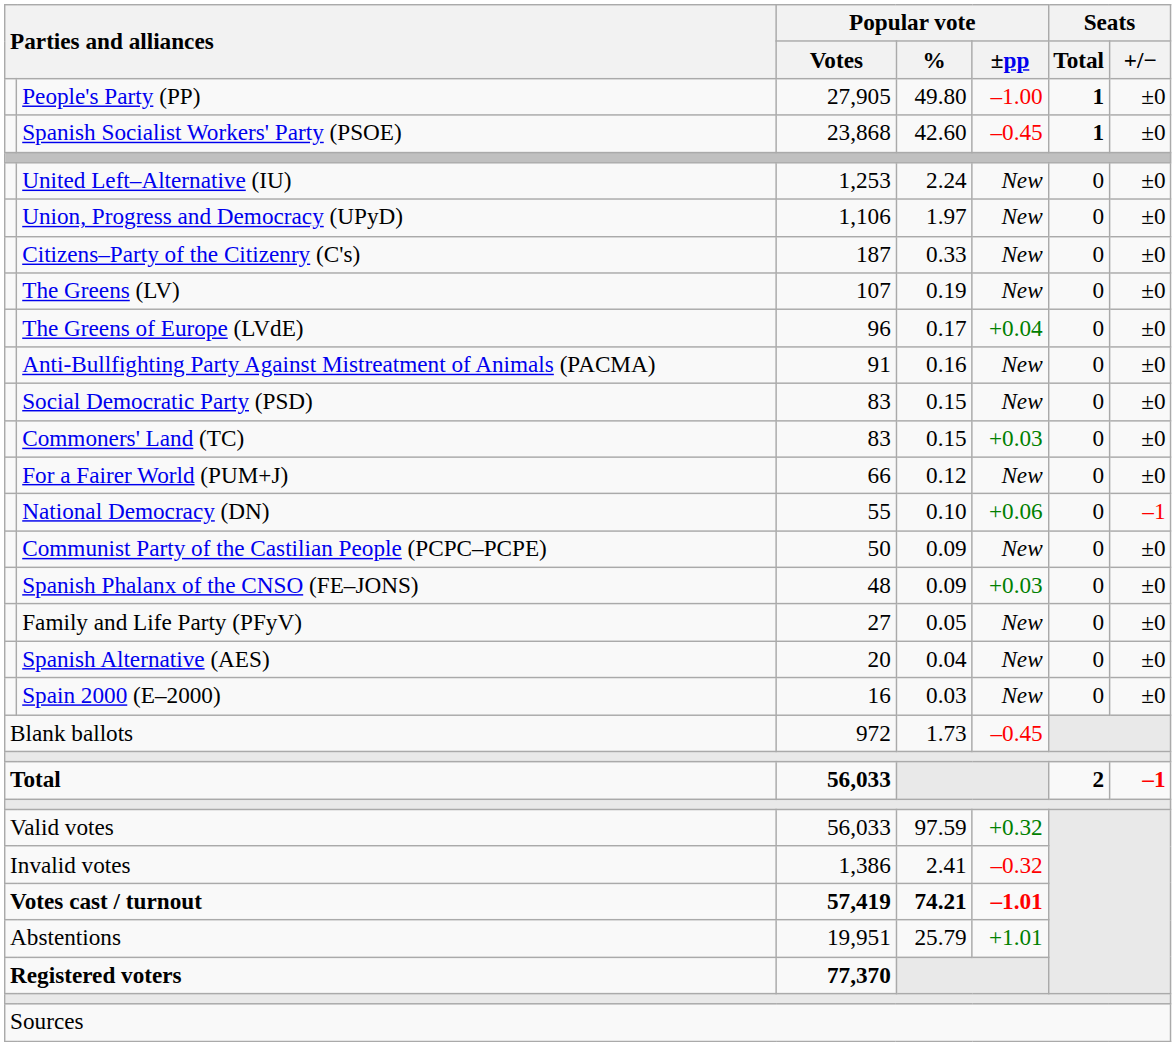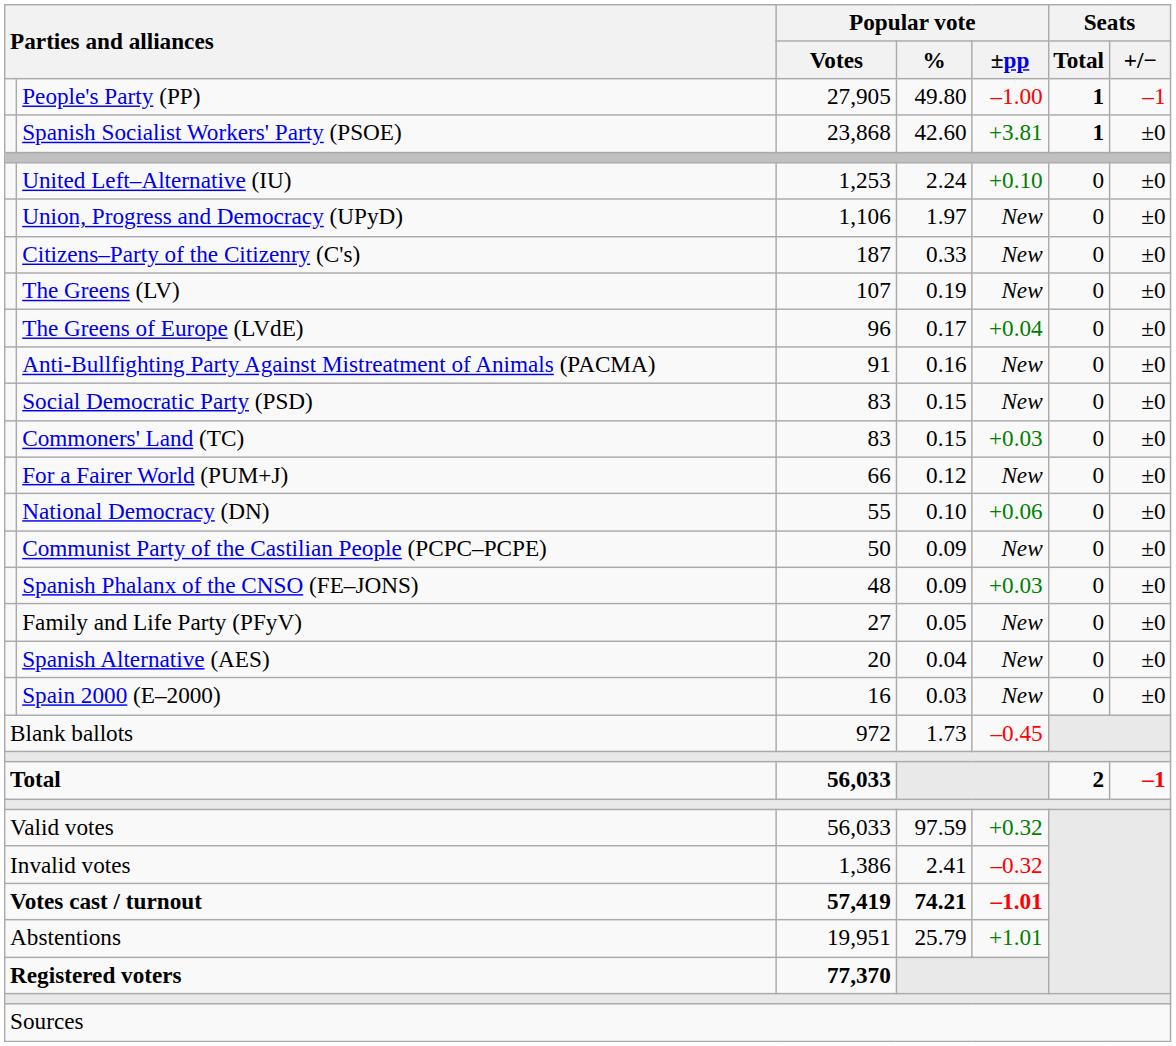 <table class="wikitable" style="text-align:right;">
 <tr>
 <th style="text-align:left;" rowspan="2" colspan="2" width="525">Parties and alliances</th>
 <th colspan="3">Popular vote</th>
 <th colspan="2">Seats</th>
 </tr>
 <tr>
 <th width="75">Votes</th>
 <th width="45">%</th>
 <th width="45">±<a href='#'>pp</a></th>
 <th width="35">Total</th>
 <th width="35">+/−</th>
 </tr>
 <tr>
 <td width="1" style="color:inherit;background:"></td>
 <td align="left"><a href='#'>People's Party</a> (PP)</td>
 <td>27,905</td>
 <td>49.80</td>
 <td style="color:red;">–1.00</td>
 <td><strong>1</strong></td>
-<td>±0</td>
+<td style="color:red;">–1</td>
 </tr>
 <tr>
 <td style="color:inherit;background:"></td>
 <td align="left"><a href='#'>Spanish Socialist Workers' Party</a> (PSOE)</td>
 <td>23,868</td>
 <td>42.60</td>
-<td style="color:red;">–0.45</td>
+<td style="color:green;">+3.81</td>
 <td><strong>1</strong></td>
 <td>±0</td>
 </tr>
 <tr>
 <td colspan="7" bgcolor="#C0C0C0"></td>
 </tr>
 <tr>
 <td style="color:inherit;background:"></td>
 <td align="left"><a href='#'>United Left–Alternative</a> (IU)</td>
 <td>1,253</td>
 <td>2.24</td>
-<td><em>New</em></td>
+<td style="color:green;">+0.10</td>
 <td>0</td>
 <td>±0</td>
 </tr>
 <tr>
 <td style="color:inherit;background:"></td>
 <td align="left"><a href='#'>Union, Progress and Democracy</a> (UPyD)</td>
 <td>1,106</td>
 <td>1.97</td>
 <td><em>New</em></td>
 <td>0</td>
 <td>±0</td>
 </tr>
 <tr>
 <td style="color:inherit;background:"></td>
 <td align="left"><a href='#'>Citizens–Party of the Citizenry</a> (C's)</td>
 <td>187</td>
 <td>0.33</td>
 <td><em>New</em></td>
 <td>0</td>
 <td>±0</td>
 </tr>
 <tr>
 <td style="color:inherit;background:"></td>
 <td align="left"><a href='#'>The Greens</a> (LV)</td>
 <td>107</td>
 <td>0.19</td>
 <td><em>New</em></td>
 <td>0</td>
 <td>±0</td>
 </tr>
 <tr>
 <td style="color:inherit;background:"></td>
 <td align="left"><a href='#'>The Greens of Europe</a> (LVdE)</td>
 <td>96</td>
 <td>0.17</td>
 <td style="color:green;">+0.04</td>
 <td>0</td>
 <td>±0</td>
 </tr>
 <tr>
 <td style="color:inherit;background:"></td>
 <td align="left"><a href='#'>Anti-Bullfighting Party Against Mistreatment of Animals</a> (PACMA)</td>
 <td>91</td>
 <td>0.16</td>
 <td><em>New</em></td>
 <td>0</td>
 <td>±0</td>
 </tr>
 <tr>
 <td style="color:inherit;background:"></td>
 <td align="left"><a href='#'>Social Democratic Party</a> (PSD)</td>
 <td>83</td>
 <td>0.15</td>
 <td><em>New</em></td>
 <td>0</td>
 <td>±0</td>
 </tr>
 <tr>
 <td style="color:inherit;background:"></td>
 <td align="left"><a href='#'>Commoners' Land</a> (TC)</td>
 <td>83</td>
 <td>0.15</td>
 <td style="color:green;">+0.03</td>
 <td>0</td>
 <td>±0</td>
 </tr>
 <tr>
 <td style="color:inherit;background:"></td>
 <td align="left"><a href='#'>For a Fairer World</a> (PUM+J)</td>
 <td>66</td>
 <td>0.12</td>
 <td><em>New</em></td>
 <td>0</td>
 <td>±0</td>
 </tr>
 <tr>
 <td style="color:inherit;background:"></td>
 <td align="left"><a href='#'>National Democracy</a> (DN)</td>
 <td>55</td>
 <td>0.10</td>
 <td style="color:green;">+0.06</td>
 <td>0</td>
-<td style="color:red;">–1</td>
+<td>±0</td>
 </tr>
 <tr>
 <td style="color:inherit;background:"></td>
 <td align="left"><a href='#'>Communist Party of the Castilian People</a> (PCPC–PCPE)</td>
 <td>50</td>
 <td>0.09</td>
 <td><em>New</em></td>
 <td>0</td>
 <td>±0</td>
 </tr>
 <tr>
 <td style="color:inherit;background:"></td>
 <td align="left"><a href='#'>Spanish Phalanx of the CNSO</a> (FE–JONS)</td>
 <td>48</td>
 <td>0.09</td>
 <td style="color:green;">+0.03</td>
 <td>0</td>
 <td>±0</td>
 </tr>
 <tr>
 <td style="color:inherit;background:"></td>
 <td align="left">Family and Life Party (PFyV)</td>
 <td>27</td>
 <td>0.05</td>
 <td><em>New</em></td>
 <td>0</td>
 <td>±0</td>
 </tr>
 <tr>
 <td style="color:inherit;background:"></td>
 <td align="left"><a href='#'>Spanish Alternative</a> (AES)</td>
 <td>20</td>
 <td>0.04</td>
 <td><em>New</em></td>
 <td>0</td>
 <td>±0</td>
 </tr>
 <tr>
 <td style="color:inherit;background:"></td>
 <td align="left"><a href='#'>Spain 2000</a> (E–2000)</td>
 <td>16</td>
 <td>0.03</td>
 <td><em>New</em></td>
 <td>0</td>
 <td>±0</td>
 </tr>
 <tr>
 <td align="left" colspan="2">Blank ballots</td>
 <td>972</td>
 <td>1.73</td>
 <td style="color:red;">–0.45</td>
 <td bgcolor="#E9E9E9" colspan="2"></td>
 </tr>
 <tr>
 <td colspan="7" bgcolor="#E9E9E9"></td>
 </tr>
 <tr style="font-weight:bold;">
 <td align="left" colspan="2">Total</td>
 <td>56,033</td>
 <td bgcolor="#E9E9E9" colspan="2"></td>
 <td>2</td>
 <td style="color:red;">–1</td>
 </tr>
 <tr>
 <td colspan="7" bgcolor="#E9E9E9"></td>
 </tr>
 <tr>
 <td align="left" colspan="2">Valid votes</td>
 <td>56,033</td>
 <td>97.59</td>
 <td style="color:green;">+0.32</td>
 <td bgcolor="#E9E9E9" colspan="2" rowspan="5"></td>
 </tr>
 <tr>
 <td align="left" colspan="2">Invalid votes</td>
 <td>1,386</td>
 <td>2.41</td>
 <td style="color:red;">–0.32</td>
 </tr>
 <tr style="font-weight:bold;">
 <td align="left" colspan="2">Votes cast / turnout</td>
 <td>57,419</td>
 <td>74.21</td>
 <td style="color:red;">–1.01</td>
 </tr>
 <tr>
 <td align="left" colspan="2">Abstentions</td>
 <td>19,951</td>
 <td>25.79</td>
 <td style="color:green;">+1.01</td>
 </tr>
 <tr style="font-weight:bold;">
 <td align="left" colspan="2">Registered voters</td>
 <td>77,370</td>
 <td bgcolor="#E9E9E9" colspan="2"></td>
 </tr>
 <tr>
 <td colspan="7" bgcolor="#E9E9E9"></td>
 </tr>
 <tr>
 <td align="left" colspan="7">Sources</td>
 </tr>
 </table>
